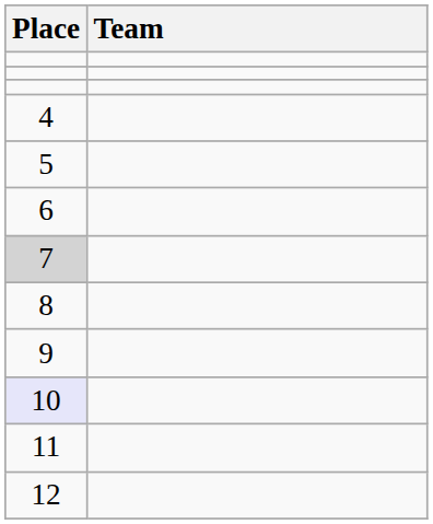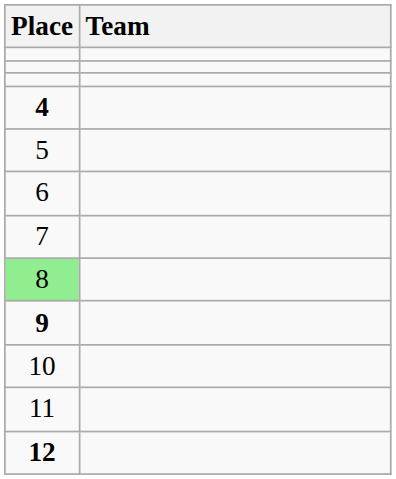 <table class="wikitable" style="text-align:center; padding-bottom:0;">
 <tr>
 <th>Place</th>
 <th style="width:11em; text-align:left;">Team</th>
 </tr>
 <tr>
 <td></td>
 <td align=left></td>
 </tr>
 <tr>
 <td></td>
 <td align=left></td>
 </tr>
 <tr>
 <td></td>
 <td align=left></td>
 </tr>
 <tr>
-<td>4</td>
+<td><strong>4</strong></td>
 <td align=left></td>
 </tr>
 <tr>
 <td>5</td>
 <td align=left></td>
 </tr>
 <tr>
 <td>6</td>
 <td align=left></td>
 </tr>
 <tr>
-<td style="background: lightgrey;">7</td>
+<td>7</td>
 <td align=left></td>
 </tr>
 <tr>
-<td>8</td>
+<td style="background: lightgreen;">8</td>
 <td align=left></td>
 </tr>
 <tr>
-<td>9</td>
+<td><strong>9</strong></td>
 <td align=left></td>
 </tr>
 <tr>
-<td style="background: lavender;">10</td>
+<td>10</td>
 <td align=left></td>
 </tr>
 <tr>
 <td>11</td>
 <td align=left></td>
 </tr>
 <tr>
-<td>12</td>
+<td><strong>12</strong></td>
 <td align=left></td>
 </tr>
 </table>
